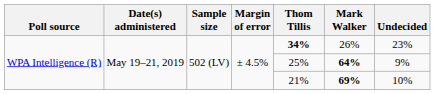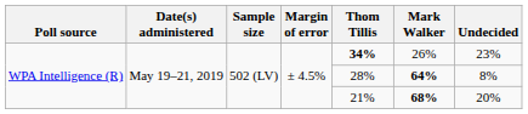 <table class="wikitable" style="font-size:90%;text-align:center;">
 <tr valign=bottom>
 <th>Poll source</th>
 <th>Date(s)<br>administered</th>
 <th>Sample<br>size</th>
 <th>Margin<br>of error</th>
 <th style="width:60px;">Thom<br>Tillis</th>
 <th style="width:60px;">Mark<br>Walker</th>
 <th>Undecided</th>
 </tr>
 <tr>
 <td rowspan=3 style="text-align:left;"><a href='#'>WPA Intelligence (R)</a></td>
 <td rowspan=3>May 19–21, 2019</td>
 <td rowspan=3>502 (LV)</td>
 <td rowspan=3>± 4.5%</td>
 <td><strong>34%</strong></td>
 <td>26%</td>
 <td>23%</td>
 </tr>
 <tr>
-<td>25%</td>
+<td>28%</td>
 <td><strong>64%</strong></td>
-<td>9%</td>
+<td>8%</td>
 </tr>
 <tr>
 <td>21%</td>
-<td><strong>69%</strong></td>
-<td>10%</td>
+<td><strong>68%</strong></td>
+<td>20%</td>
 </tr>
 </table>
